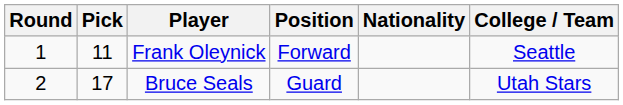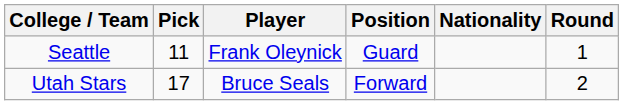 <table class="wikitable sortable">
 <tr>
-<th scope="col">Round</th>
+<th scope="col">College / Team</th>
 <th scope="col">Pick</th>
 <th scope="col">Player</th>
 <th scope="col">Position</th>
 <th scope="col">Nationality</th>
-<th scope="col">College / Team</th>
+<th scope="col">Round</th>
 </tr>
 <tr style="text-align: center">
-<td>1</td>
+<td><a href='#'>Seattle</a></td>
 <td>11</td>
 <td><a href='#'>Frank Oleynick</a></td>
+<td><a href='#'>Guard</a></td>
+<td></td>
+<td>1</td>
+</tr>
+<tr style="text-align: center">
+<td><a href='#'>Utah Stars</a> </td>
+<td>17</td>
+<td><a href='#'>Bruce Seals</a></td>
 <td><a href='#'>Forward</a></td>
 <td></td>
-<td><a href='#'>Seattle</a></td>
-</tr>
-<tr style="text-align: center">
 <td>2</td>
-<td>17</td>
-<td><a href='#'>Bruce Seals</a></td>
-<td><a href='#'>Guard</a></td>
-<td></td>
-<td><a href='#'>Utah Stars</a> </td>
 </tr>
 </table>
